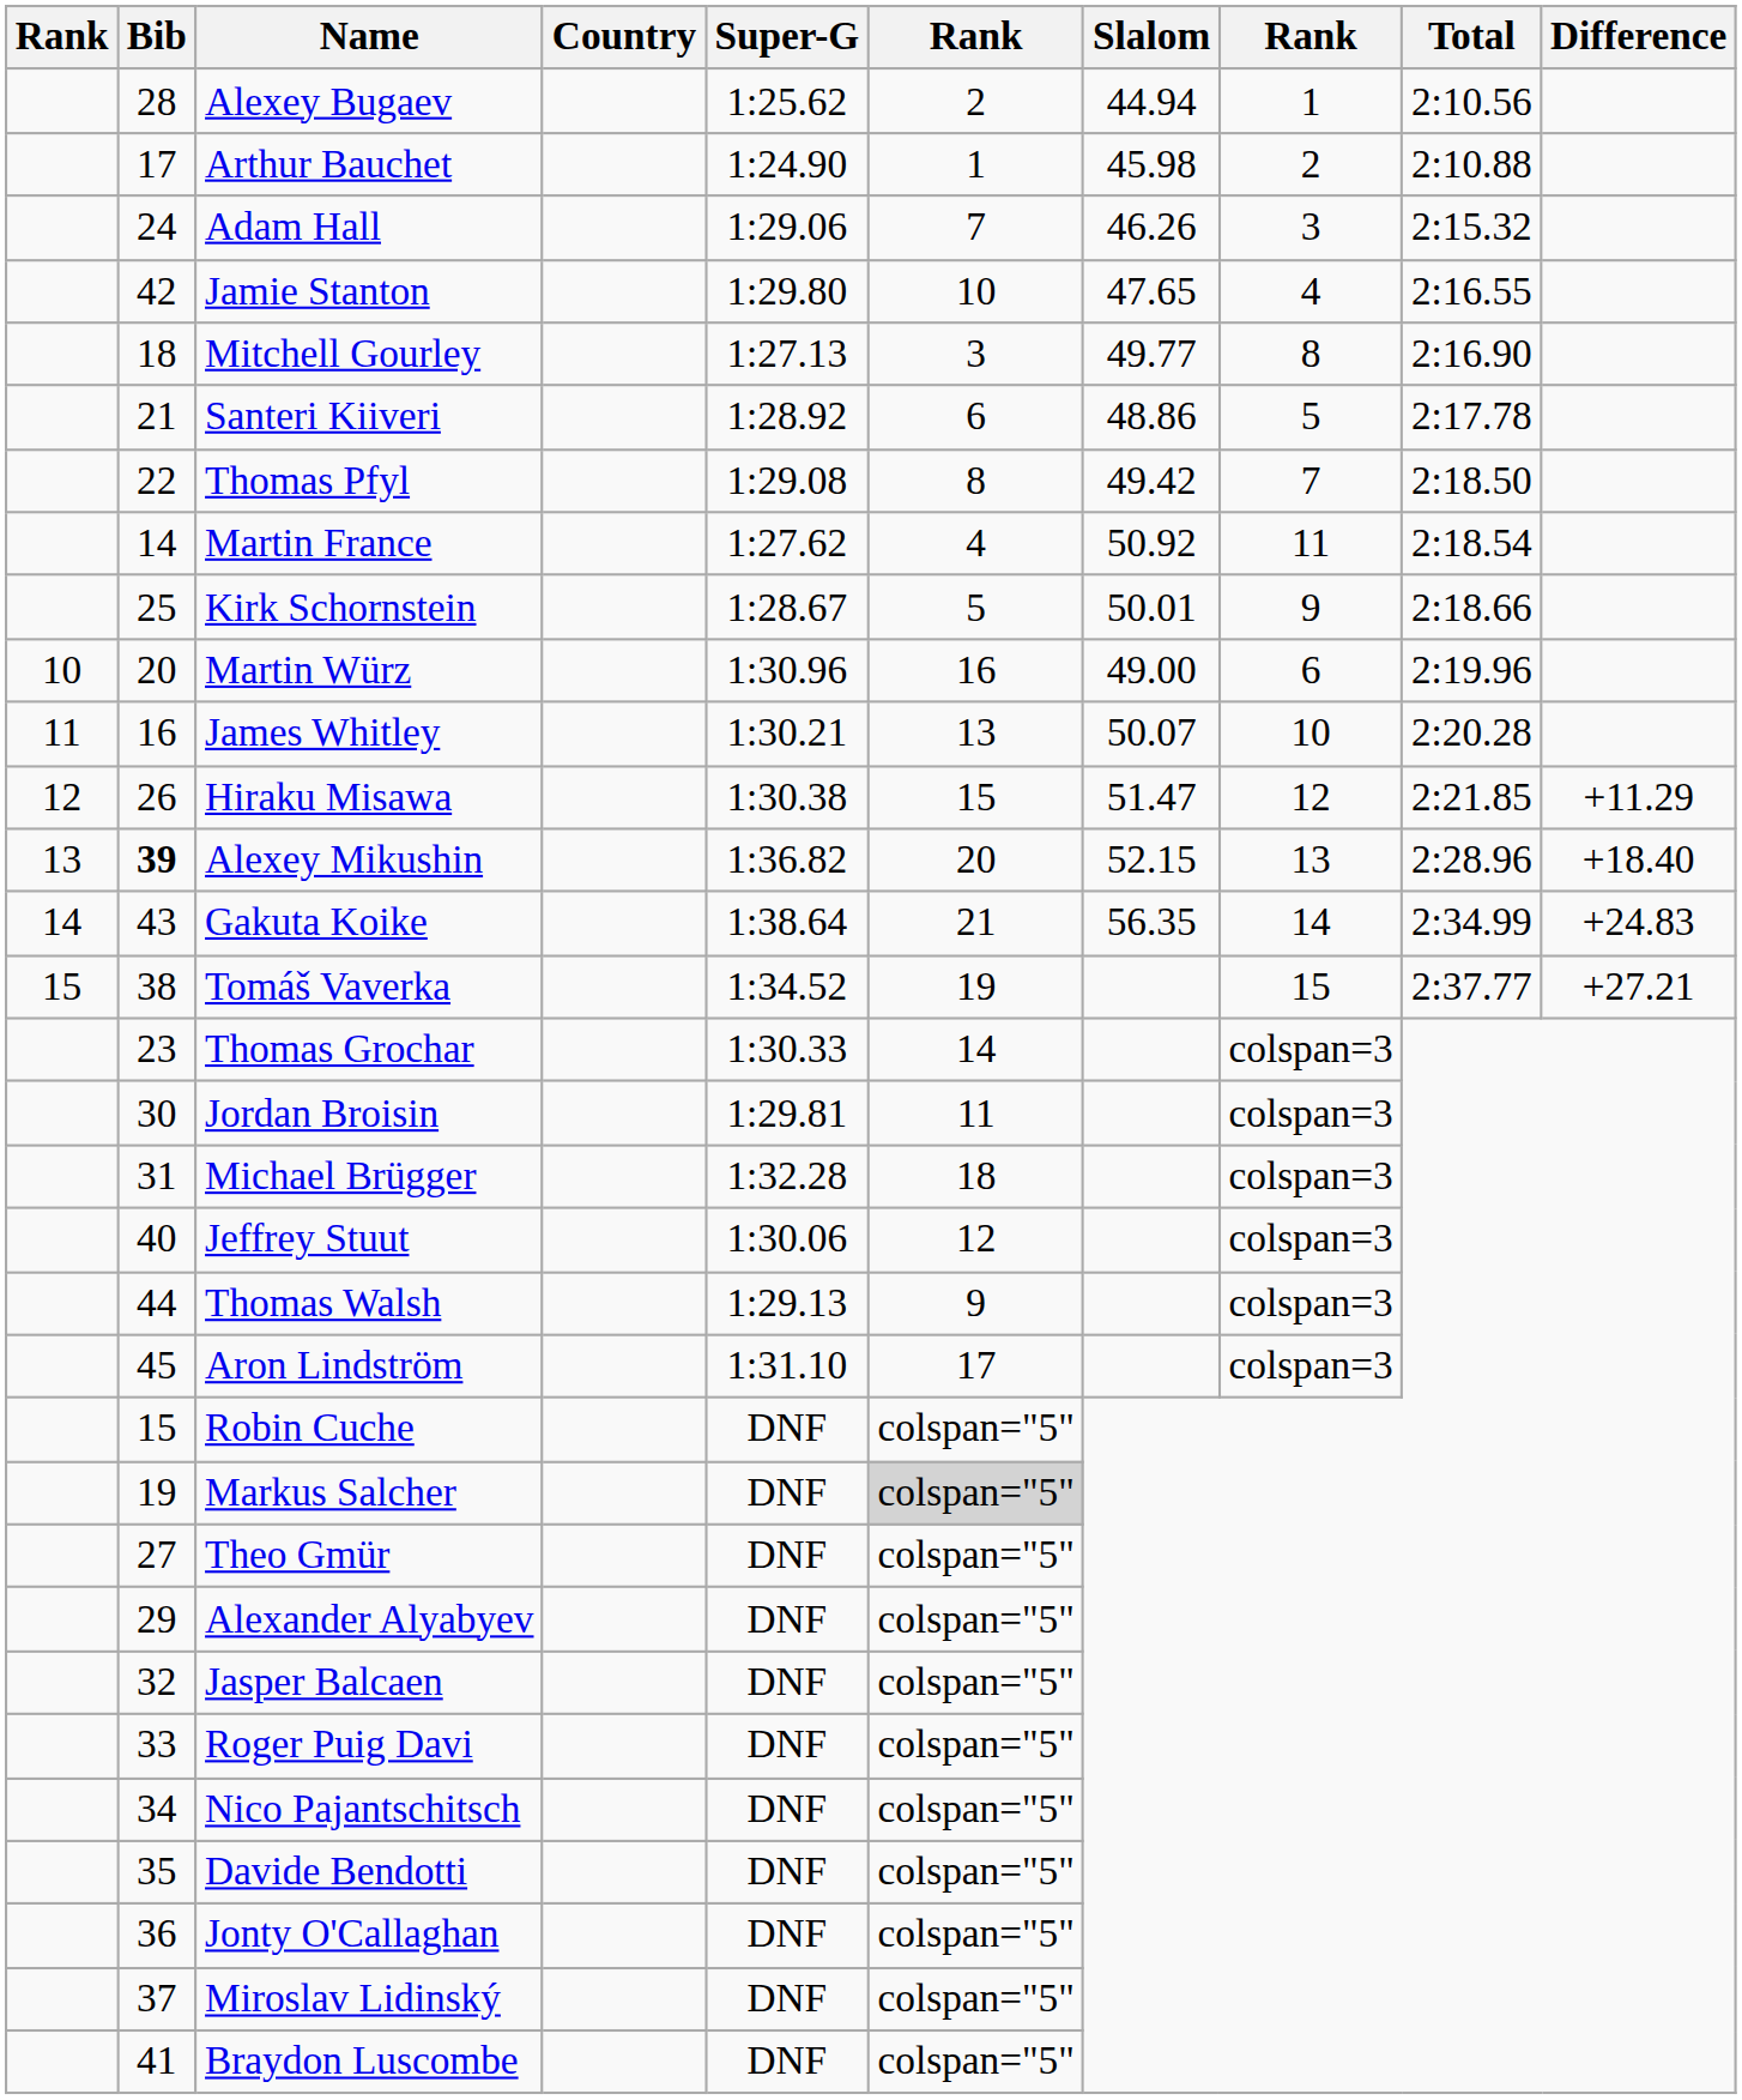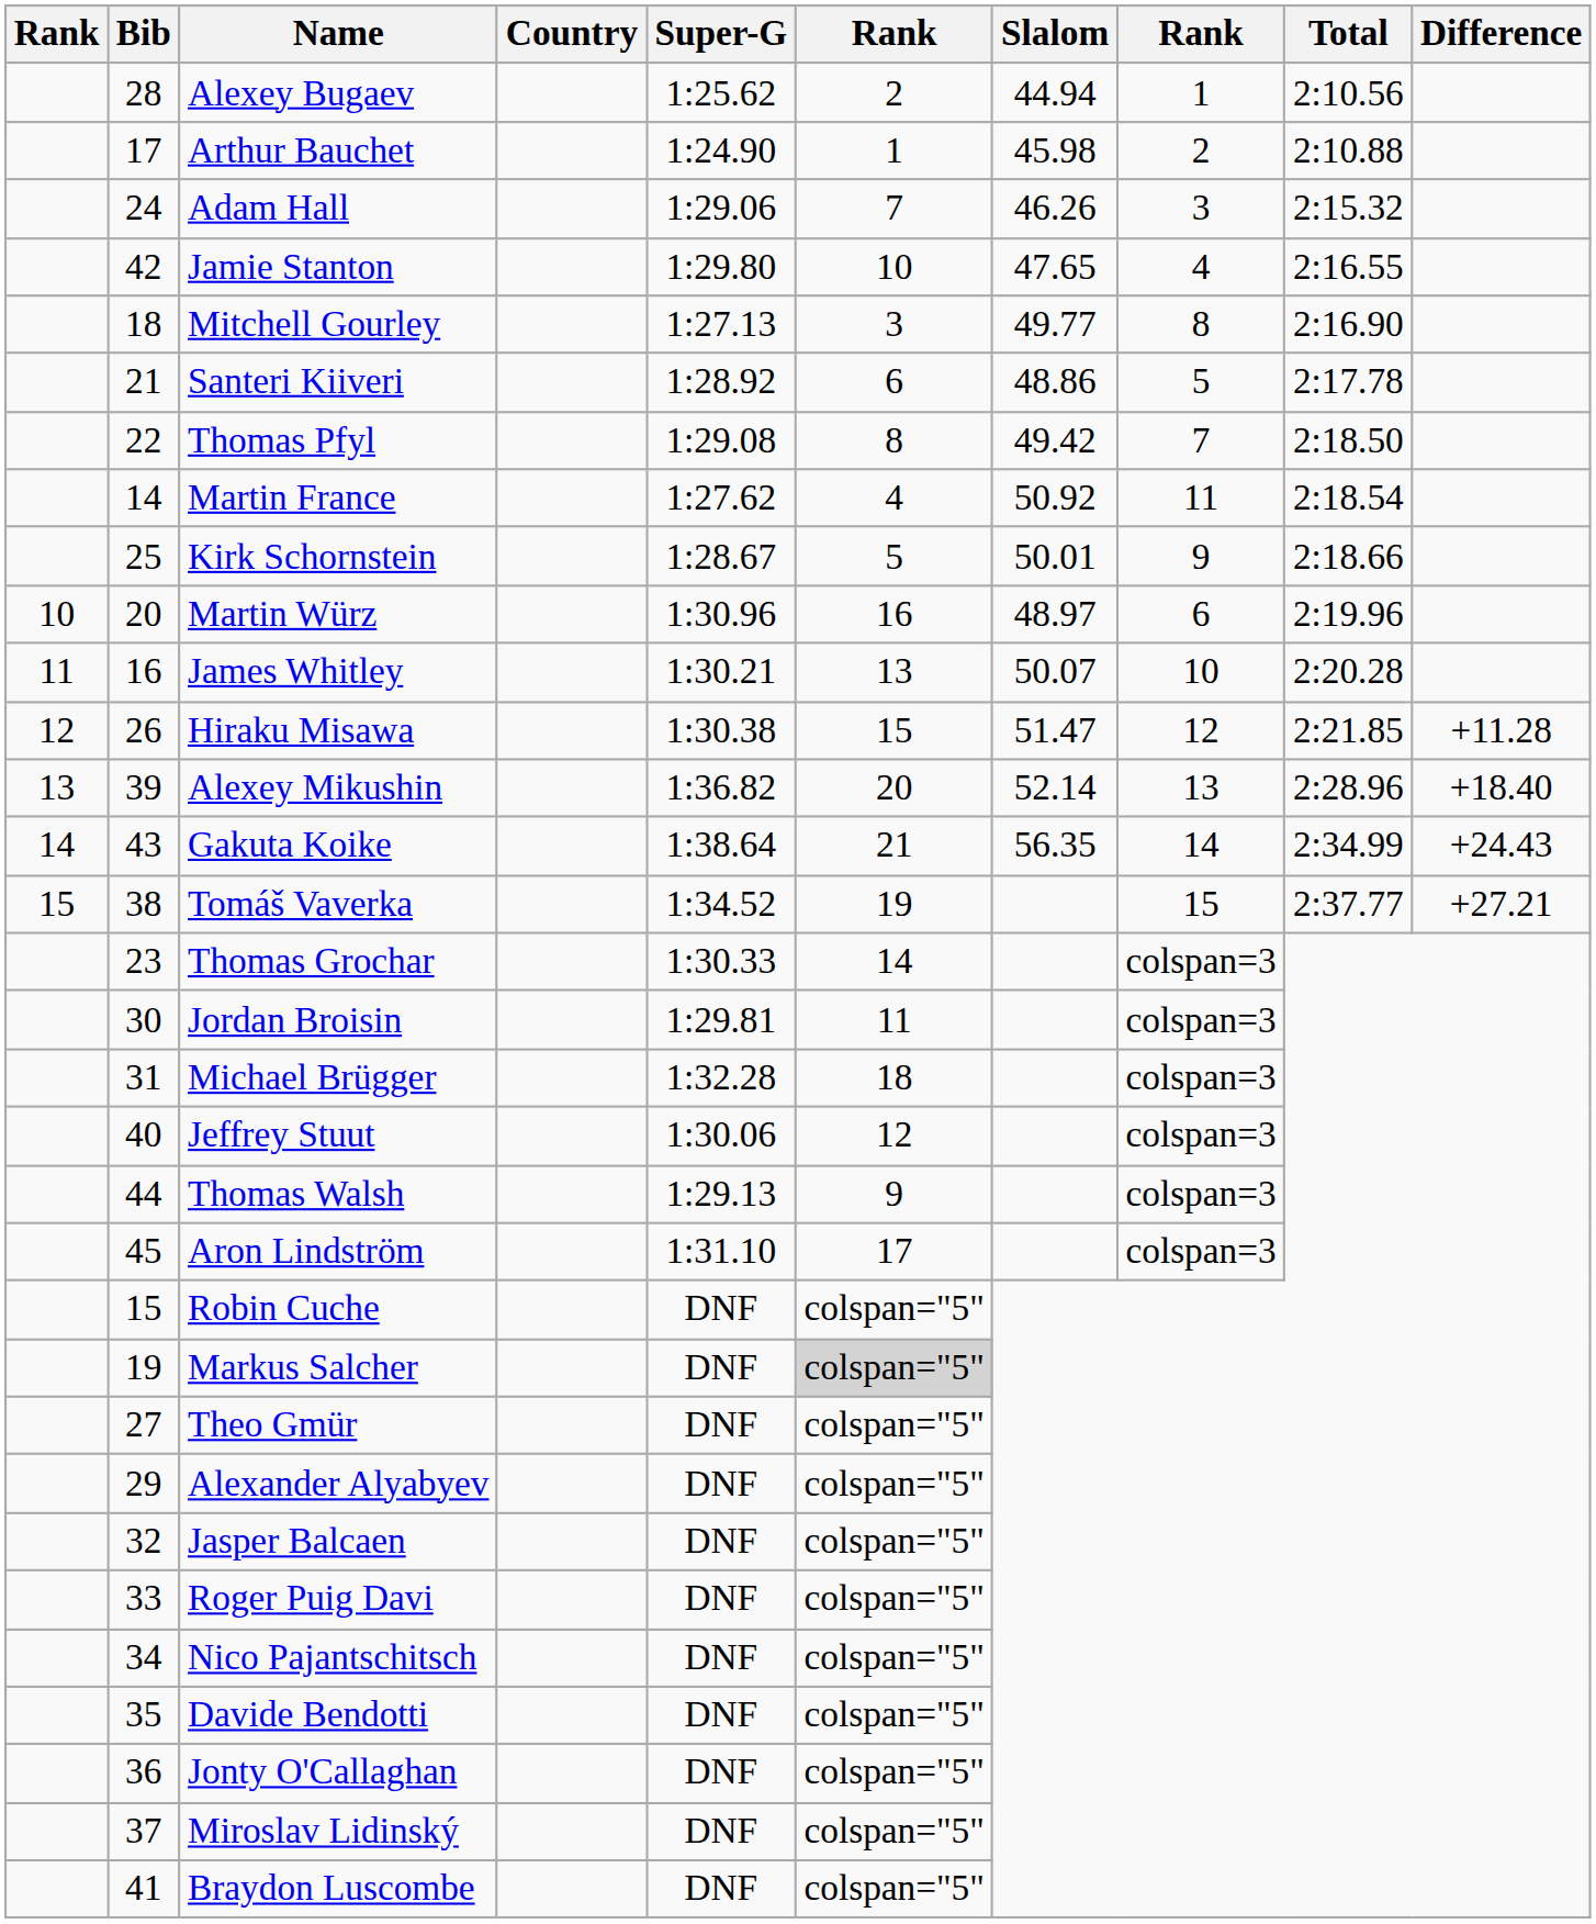 <table class="wikitable sortable" style="text-align:center">
 <tr>
 <th>Rank</th>
 <th>Bib</th>
 <th>Name</th>
 <th>Country</th>
 <th>Super-G</th>
 <th>Rank</th>
 <th>Slalom</th>
 <th>Rank</th>
 <th>Total</th>
 <th>Difference</th>
 </tr>
 <tr>
 <td></td>
 <td>28</td>
 <td align="left"><a href='#'>Alexey Bugaev</a></td>
 <td align="left"></td>
 <td>1:25.62</td>
 <td>2</td>
 <td>44.94</td>
 <td>1</td>
 <td>2:10.56</td>
 <td></td>
 </tr>
 <tr>
 <td></td>
 <td>17</td>
 <td align="left"><a href='#'>Arthur Bauchet</a></td>
 <td align="left"></td>
 <td>1:24.90</td>
 <td>1</td>
 <td>45.98</td>
 <td>2</td>
 <td>2:10.88</td>
 <td></td>
 </tr>
 <tr>
 <td></td>
 <td>24</td>
 <td align="left"><a href='#'>Adam Hall</a></td>
 <td align="left"></td>
 <td>1:29.06</td>
 <td>7</td>
 <td>46.26</td>
 <td>3</td>
 <td>2:15.32</td>
 <td></td>
 </tr>
 <tr>
 <td></td>
 <td>42</td>
 <td align="left"><a href='#'>Jamie Stanton</a></td>
 <td align="left"></td>
 <td>1:29.80</td>
 <td>10</td>
 <td>47.65</td>
 <td>4</td>
 <td>2:16.55</td>
 <td></td>
 </tr>
 <tr>
 <td></td>
 <td>18</td>
 <td align="left"><a href='#'>Mitchell Gourley</a></td>
 <td align="left"></td>
 <td>1:27.13</td>
 <td>3</td>
 <td>49.77</td>
 <td>8</td>
 <td>2:16.90</td>
 <td></td>
 </tr>
 <tr>
 <td></td>
 <td>21</td>
 <td align="left"><a href='#'>Santeri Kiiveri</a></td>
 <td align="left"></td>
 <td>1:28.92</td>
 <td>6</td>
 <td>48.86</td>
 <td>5</td>
 <td>2:17.78</td>
 <td></td>
 </tr>
 <tr>
 <td></td>
 <td>22</td>
 <td align="left"><a href='#'>Thomas Pfyl</a></td>
 <td align="left"></td>
 <td>1:29.08</td>
 <td>8</td>
 <td>49.42</td>
 <td>7</td>
 <td>2:18.50</td>
 <td></td>
 </tr>
 <tr>
 <td></td>
 <td>14</td>
 <td align="left"><a href='#'>Martin France</a></td>
 <td align="left"></td>
 <td>1:27.62</td>
 <td>4</td>
 <td>50.92</td>
 <td>11</td>
 <td>2:18.54</td>
 <td></td>
 </tr>
 <tr>
 <td></td>
 <td>25</td>
 <td align="left"><a href='#'>Kirk Schornstein</a></td>
 <td align="left"></td>
 <td>1:28.67</td>
 <td>5</td>
 <td>50.01</td>
 <td>9</td>
 <td>2:18.66</td>
 <td></td>
 </tr>
 <tr>
 <td>10</td>
 <td>20</td>
 <td align="left"><a href='#'>Martin Würz</a></td>
 <td align="left"></td>
 <td>1:30.96</td>
 <td>16</td>
-<td>49.00</td>
+<td>48.97</td>
 <td>6</td>
 <td>2:19.96</td>
 <td></td>
 </tr>
 <tr>
 <td>11</td>
 <td>16</td>
 <td align="left"><a href='#'>James Whitley</a></td>
 <td align="left"></td>
 <td>1:30.21</td>
 <td>13</td>
 <td>50.07</td>
 <td>10</td>
 <td>2:20.28</td>
 <td></td>
 </tr>
 <tr>
 <td>12</td>
 <td>26</td>
 <td align="left"><a href='#'>Hiraku Misawa</a></td>
 <td align="left"></td>
 <td>1:30.38</td>
 <td>15</td>
 <td>51.47</td>
 <td>12</td>
 <td>2:21.85</td>
-<td>+11.29</td>
+<td>+11.28</td>
 </tr>
 <tr>
 <td>13</td>
-<td><strong>39</strong></td>
+<td>39</td>
 <td align="left"><a href='#'>Alexey Mikushin</a></td>
 <td align="left"></td>
 <td>1:36.82</td>
 <td>20</td>
-<td>52.15</td>
+<td>52.14</td>
 <td>13</td>
 <td>2:28.96</td>
 <td>+18.40</td>
 </tr>
 <tr>
 <td>14</td>
 <td>43</td>
 <td align="left"><a href='#'>Gakuta Koike</a></td>
 <td align="left"></td>
 <td>1:38.64</td>
 <td>21</td>
 <td>56.35</td>
 <td>14</td>
 <td>2:34.99</td>
-<td>+24.83</td>
+<td>+24.43</td>
 </tr>
 <tr>
 <td>15</td>
 <td>38</td>
 <td align="left"><a href='#'>Tomáš Vaverka</a></td>
 <td align="left"></td>
 <td>1:34.52</td>
 <td>19</td>
 <td></td>
 <td>15</td>
 <td>2:37.77</td>
 <td>+27.21</td>
 </tr>
 <tr>
 <td></td>
 <td>23</td>
 <td align="left"><a href='#'>Thomas Grochar</a></td>
 <td align="left"></td>
 <td>1:30.33</td>
 <td>14</td>
 <td></td>
 <td>colspan=3 </td>
 </tr>
 <tr>
 <td></td>
 <td>30</td>
 <td align="left"><a href='#'>Jordan Broisin</a></td>
 <td align="left"></td>
 <td>1:29.81</td>
 <td>11</td>
 <td></td>
 <td>colspan=3 </td>
 </tr>
 <tr>
 <td></td>
 <td>31</td>
 <td align="left"><a href='#'>Michael Brügger</a></td>
 <td align="left"></td>
 <td>1:32.28</td>
 <td>18</td>
 <td></td>
 <td>colspan=3 </td>
 </tr>
 <tr>
 <td></td>
 <td>40</td>
 <td align="left"><a href='#'>Jeffrey Stuut</a></td>
 <td align="left"></td>
 <td>1:30.06</td>
 <td>12</td>
 <td></td>
 <td>colspan=3 </td>
 </tr>
 <tr>
 <td></td>
 <td>44</td>
 <td align="left"><a href='#'>Thomas Walsh</a></td>
 <td align="left"></td>
 <td>1:29.13</td>
 <td>9</td>
 <td></td>
 <td>colspan=3 </td>
 </tr>
 <tr>
 <td></td>
 <td>45</td>
 <td align="left"><a href='#'>Aron Lindström</a></td>
 <td align="left"></td>
 <td>1:31.10</td>
 <td>17</td>
 <td></td>
 <td>colspan=3 </td>
 </tr>
 <tr>
 <td></td>
 <td>15</td>
 <td align="left"><a href='#'>Robin Cuche</a></td>
 <td align="left"></td>
 <td>DNF</td>
 <td>colspan="5" </td>
 </tr>
 <tr>
 <td></td>
 <td>19</td>
 <td align="left"><a href='#'>Markus Salcher</a></td>
 <td align="left"></td>
 <td>DNF</td>
 <td style="background: lightgrey;">colspan="5" </td>
 </tr>
 <tr>
 <td></td>
 <td>27</td>
 <td align="left"><a href='#'>Theo Gmür</a></td>
 <td align="left"></td>
 <td>DNF</td>
 <td>colspan="5" </td>
 </tr>
 <tr>
 <td></td>
 <td>29</td>
 <td align="left"><a href='#'>Alexander Alyabyev</a></td>
 <td align="left"></td>
 <td>DNF</td>
 <td>colspan="5" </td>
 </tr>
 <tr>
 <td></td>
 <td>32</td>
 <td align="left"><a href='#'>Jasper Balcaen</a></td>
 <td align="left"></td>
 <td>DNF</td>
 <td>colspan="5" </td>
 </tr>
 <tr>
 <td></td>
 <td>33</td>
 <td align="left"><a href='#'>Roger Puig Davi</a></td>
 <td align="left"></td>
 <td>DNF</td>
 <td>colspan="5" </td>
 </tr>
 <tr>
 <td></td>
 <td>34</td>
 <td align="left"><a href='#'>Nico Pajantschitsch</a></td>
 <td align="left"></td>
 <td>DNF</td>
 <td>colspan="5" </td>
 </tr>
 <tr>
 <td></td>
 <td>35</td>
 <td align="left"><a href='#'>Davide Bendotti</a></td>
 <td align="left"></td>
 <td>DNF</td>
 <td>colspan="5" </td>
 </tr>
 <tr>
 <td></td>
 <td>36</td>
 <td align="left"><a href='#'>Jonty O'Callaghan</a></td>
 <td align="left"></td>
 <td>DNF</td>
 <td>colspan="5" </td>
 </tr>
 <tr>
 <td></td>
 <td>37</td>
 <td align="left"><a href='#'>Miroslav Lidinský</a></td>
 <td align="left"></td>
 <td>DNF</td>
 <td>colspan="5" </td>
 </tr>
 <tr>
 <td></td>
 <td>41</td>
 <td align="left"><a href='#'>Braydon Luscombe</a></td>
 <td align="left"></td>
 <td>DNF</td>
 <td>colspan="5" </td>
 </tr>
 </table>
